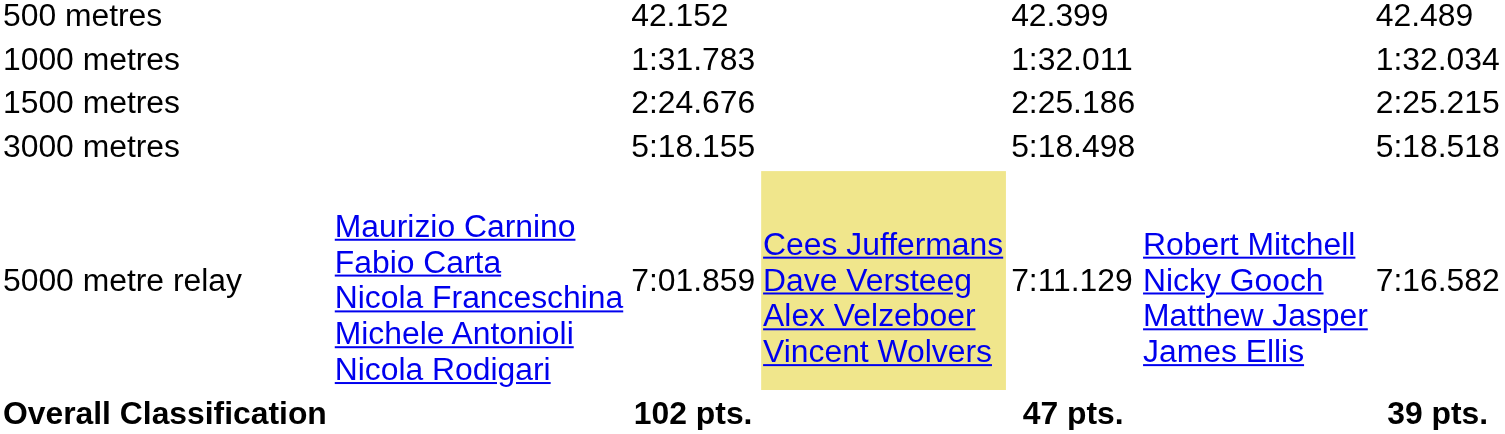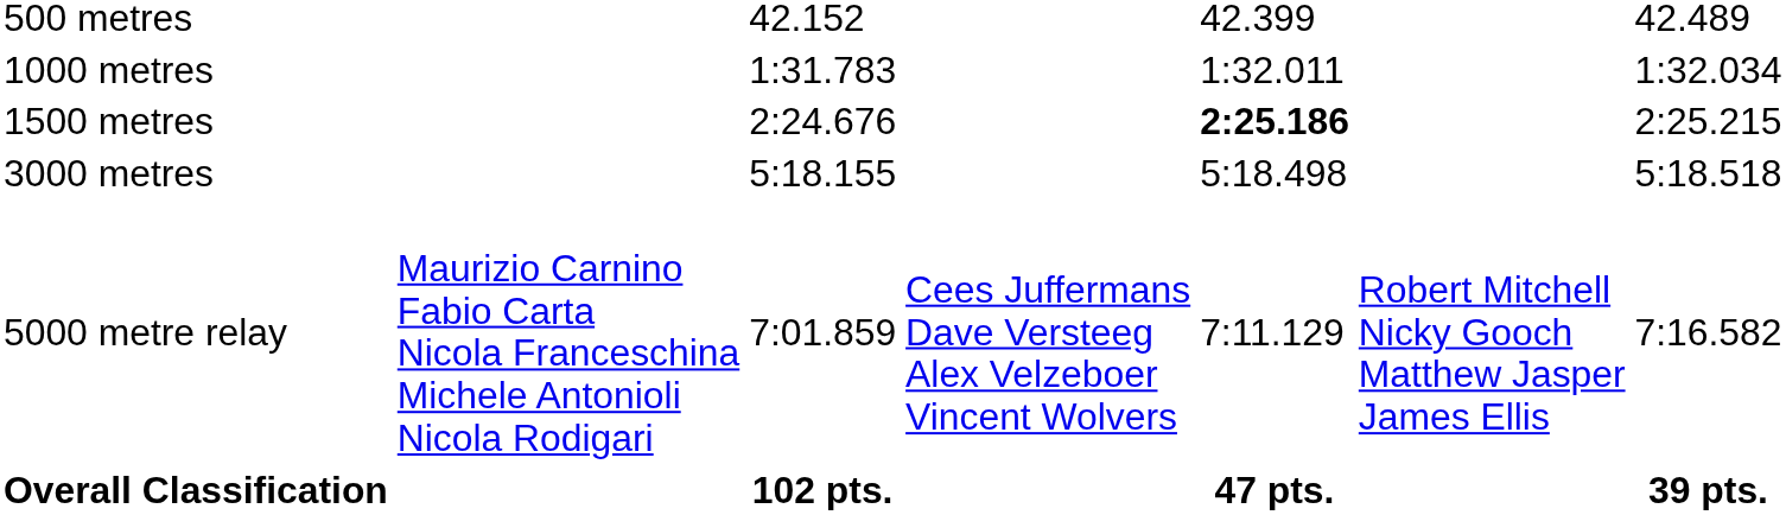 <table>
 <tr>
 <td>500 metres</td>
 <td></td>
 <td>42.152</td>
 <td></td>
 <td>42.399</td>
 <td></td>
 <td>42.489</td>
 </tr>
 <tr>
 <td>1000 metres</td>
 <td></td>
 <td>1:31.783</td>
 <td></td>
 <td>1:32.011</td>
 <td></td>
 <td>1:32.034</td>
 </tr>
 <tr>
 <td>1500 metres</td>
 <td></td>
 <td>2:24.676</td>
 <td></td>
-<td>2:25.186</td>
+<td><strong>2:25.186</strong></td>
 <td></td>
 <td>2:25.215</td>
 </tr>
 <tr>
 <td>3000 metres</td>
 <td></td>
 <td>5:18.155</td>
 <td></td>
 <td>5:18.498</td>
 <td></td>
 <td>5:18.518</td>
 </tr>
 <tr>
 <td>5000 metre relay</td>
 <td><br><a href='#'>Maurizio Carnino</a><br><a href='#'>Fabio Carta</a><br><a href='#'>Nicola Franceschina</a><br><a href='#'>Michele Antonioli</a><br><a href='#'>Nicola Rodigari</a></td>
 <td>7:01.859</td>
-<td style="background: khaki;"><br><a href='#'>Cees Juffermans</a><br><a href='#'>Dave Versteeg</a><br><a href='#'>Alex Velzeboer</a><br><a href='#'>Vincent Wolvers</a></td>
+<td><br><a href='#'>Cees Juffermans</a><br><a href='#'>Dave Versteeg</a><br><a href='#'>Alex Velzeboer</a><br><a href='#'>Vincent Wolvers</a></td>
 <td>7:11.129</td>
 <td><br><a href='#'>Robert Mitchell</a><br><a href='#'>Nicky Gooch</a><br><a href='#'>Matthew Jasper</a><br><a href='#'>James Ellis</a></td>
 <td>7:16.582</td>
 </tr>
 <tr>
 <th>Overall Classification</th>
 <th></th>
 <th>102 pts.</th>
 <th></th>
 <th>47 pts.</th>
 <th></th>
 <th>39 pts.</th>
 </tr>
 </table>
